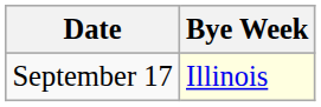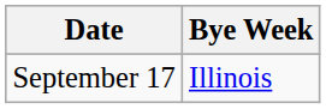 <table class="wikitable" style="font-size:95%;">
 <tr>
 <th>Date</th>
 <th>Bye Week</th>
 </tr>
 <tr>
 <td>September 17</td>
-<td style="background: lightyellow;"><a href='#'>Illinois</a></td>
+<td><a href='#'>Illinois</a></td>
 </tr>
 </table>
